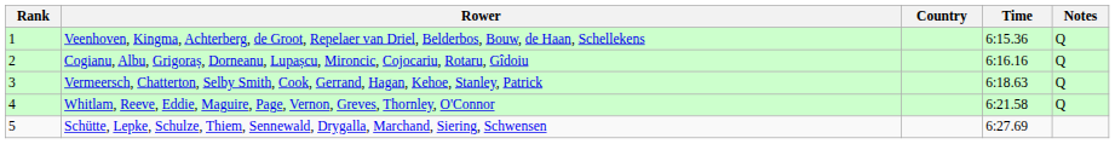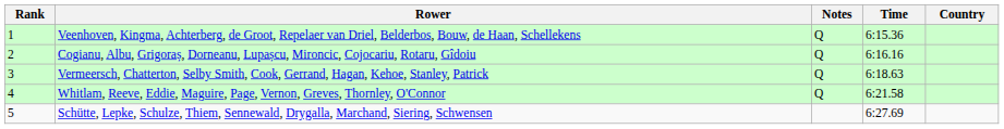 <table class="wikitable sortable" width=80%>
 <tr>
 <th>Rank</th>
 <th>Rower</th>
+<th>Notes</th>
+<th>Time</th>
 <th>Country</th>
-<th>Time</th>
-<th>Notes</th>
 </tr>
 <tr bgcolor=ccffcc>
 <td>1</td>
 <td><a href='#'>Veenhoven</a>, <a href='#'>Kingma</a>, <a href='#'>Achterberg</a>, <a href='#'>de Groot</a>, <a href='#'>Repelaer van Driel</a>, <a href='#'>Belderbos</a>, <a href='#'>Bouw</a>, <a href='#'>de Haan</a>, <a href='#'>Schellekens</a></td>
+<td>Q</td>
+<td>6:15.36</td>
 <td></td>
-<td>6:15.36</td>
-<td>Q</td>
 </tr>
 <tr bgcolor=ccffcc>
 <td>2</td>
 <td><a href='#'>Cogianu</a>, <a href='#'>Albu</a>, <a href='#'>Grigoraș</a>, <a href='#'>Dorneanu</a>, <a href='#'>Lupașcu</a>, <a href='#'>Mironcic</a>, <a href='#'>Cojocariu</a>, <a href='#'>Rotaru</a>, <a href='#'>Gîdoiu</a></td>
+<td>Q</td>
+<td>6:16.16</td>
 <td></td>
-<td>6:16.16</td>
-<td>Q</td>
 </tr>
 <tr bgcolor=ccffcc>
 <td>3</td>
 <td><a href='#'>Vermeersch</a>, <a href='#'>Chatterton</a>, <a href='#'>Selby Smith</a>, <a href='#'>Cook</a>, <a href='#'>Gerrand</a>, <a href='#'>Hagan</a>, <a href='#'>Kehoe</a>, <a href='#'>Stanley</a>, <a href='#'>Patrick</a></td>
+<td>Q</td>
+<td>6:18.63</td>
 <td></td>
-<td>6:18.63</td>
-<td>Q</td>
 </tr>
 <tr bgcolor=ccffcc>
 <td>4</td>
 <td><a href='#'>Whitlam</a>, <a href='#'>Reeve</a>, <a href='#'>Eddie</a>, <a href='#'>Maguire</a>, <a href='#'>Page</a>, <a href='#'>Vernon</a>, <a href='#'>Greves</a>, <a href='#'>Thornley</a>, <a href='#'>O'Connor</a></td>
+<td>Q</td>
+<td>6:21.58</td>
 <td></td>
-<td>6:21.58</td>
-<td>Q</td>
 </tr>
 <tr>
 <td>5</td>
 <td><a href='#'>Schütte</a>, <a href='#'>Lepke</a>, <a href='#'>Schulze</a>, <a href='#'>Thiem</a>, <a href='#'>Sennewald</a>, <a href='#'>Drygalla</a>, <a href='#'>Marchand</a>, <a href='#'>Siering</a>, <a href='#'>Schwensen</a></td>
 <td></td>
 <td>6:27.69</td>
 <td></td>
 </tr>
 </table>
